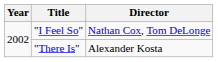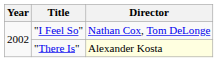 <table class="wikitable">
 <tr>
 <th>Year</th>
 <th>Title</th>
 <th>Director</th>
 </tr>
 <tr>
 <td rowspan="2">2002</td>
 <td>"<a href='#'>I Feel So</a>"</td>
 <td><a href='#'>Nathan Cox</a>, <a href='#'>Tom DeLonge</a></td>
 </tr>
 <tr>
 <td>"<a href='#'>There Is</a>"</td>
-<td>Alexander Kosta</td>
+<td style="background: lightyellow;">Alexander Kosta</td>
 </tr>
 </table>
